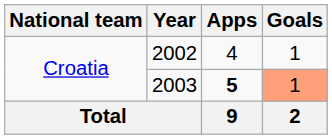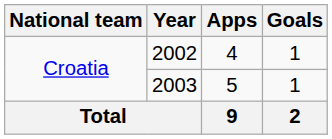 <table class="wikitable" style="text-align:center">
 <tr>
 <th>National team</th>
 <th>Year</th>
 <th>Apps</th>
 <th>Goals</th>
 </tr>
 <tr>
 <td rowspan="2"><a href='#'>Croatia</a></td>
 <td>2002</td>
 <td>4</td>
 <td>1</td>
 </tr>
 <tr>
 <td>2003</td>
-<td><strong>5</strong></td>
-<td style="background: lightsalmon;">1</td>
+<td>5</td>
+<td>1</td>
 </tr>
 <tr>
 <th colspan="2">Total</th>
 <th>9</th>
 <th>2</th>
 </tr>
 </table>
